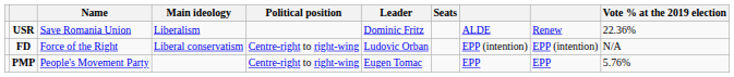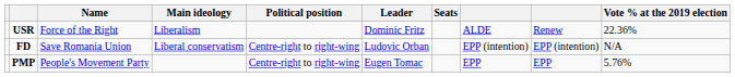 <table class="wikitable">
 <tr>
 <th></th>
 <th></th>
 <th>Name</th>
 <th>Main ideology</th>
 <th>Political position</th>
 <th>Leader</th>
 <th>Seats</th>
 <th></th>
 <th></th>
 <th>Vote % at the 2019 election</th>
 </tr>
 <tr>
 <td style="background:"></td>
 <td style="text-align:center;"><strong>USR</strong></td>
-<td><a href='#'>Save Romania Union</a><br></td>
+<td><a href='#'>Force of the Right</a><br></td>
 <td><a href='#'>Liberalism</a></td>
 <td></td>
 <td><a href='#'>Dominic Fritz</a></td>
 <td></td>
 <td><a href='#'>ALDE</a></td>
 <td><a href='#'>Renew</a></td>
 <td>22.36%</td>
 </tr>
 <tr>
 <td style="background:"></td>
 <td style="text-align:center;"><strong>FD</strong></td>
-<td><a href='#'>Force of the Right</a><br></td>
+<td><a href='#'>Save Romania Union</a><br></td>
 <td><a href='#'>Liberal conservatism</a></td>
 <td><a href='#'>Centre-right</a> to <a href='#'>right-wing</a></td>
 <td><a href='#'>Ludovic Orban</a></td>
 <td></td>
 <td><a href='#'>EPP</a> (intention)</td>
 <td><a href='#'>EPP</a> (intention)</td>
 <td>N/A</td>
 </tr>
 <tr>
 <td style="background:"></td>
 <td style="text-align:center;"><strong>PMP</strong></td>
 <td><a href='#'>People's Movement Party</a><br></td>
 <td></td>
 <td><a href='#'>Centre-right</a> to <a href='#'>right-wing</a></td>
 <td><a href='#'>Eugen Tomac</a></td>
 <td></td>
 <td><a href='#'>EPP</a></td>
 <td><a href='#'>EPP</a></td>
 <td>5.76%</td>
 </tr>
 </table>
